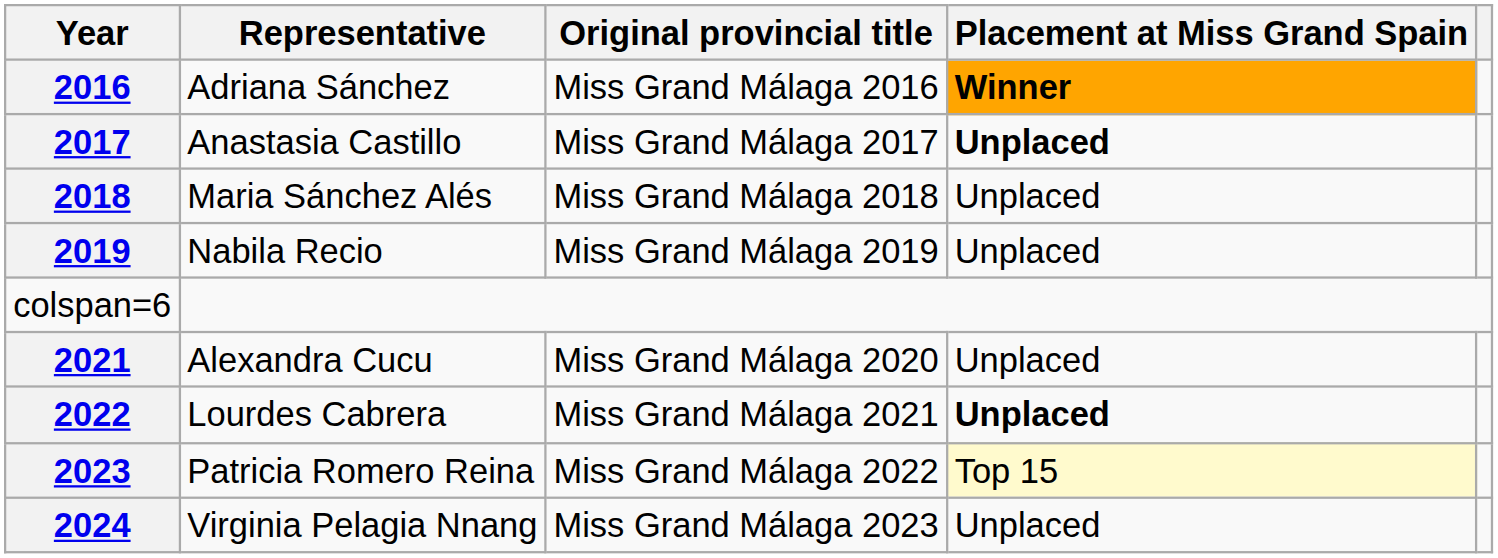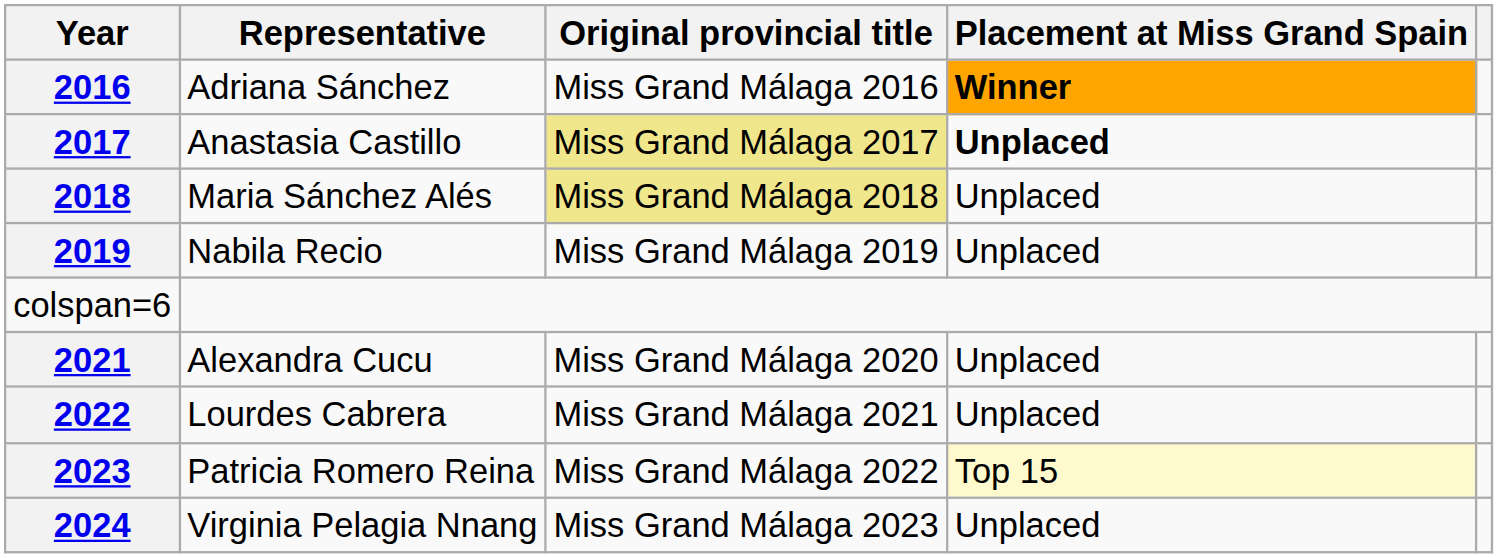 <table class="wikitable defaultcenter col2left" style="font-size:95%;">
 <tr>
 <th>Year</th>
 <th>Representative</th>
 <th>Original provincial title</th>
 <th>Placement at Miss Grand Spain</th>
 <th></th>
 </tr>
 <tr>
 <th><a href='#'>2016</a></th>
 <td>Adriana Sánchez</td>
 <td>Miss Grand Málaga 2016</td>
 <td bgcolor=orange><strong>Winner</strong></td>
 <td></td>
 </tr>
 <tr>
 <th><a href='#'>2017</a></th>
 <td>Anastasia Castillo</td>
-<td>Miss Grand Málaga 2017</td>
+<td style="background: khaki;">Miss Grand Málaga 2017</td>
 <td><strong>Unplaced</strong></td>
 <td></td>
 </tr>
 <tr>
 <th><a href='#'>2018</a></th>
 <td>Maria Sánchez Alés</td>
-<td>Miss Grand Málaga 2018</td>
+<td style="background: khaki;">Miss Grand Málaga 2018</td>
 <td>Unplaced</td>
 <td></td>
 </tr>
 <tr>
 <th><a href='#'>2019</a></th>
 <td>Nabila Recio</td>
 <td>Miss Grand Málaga 2019</td>
 <td>Unplaced</td>
 <td></td>
 </tr>
 <tr>
 <td>colspan=6 </td>
 </tr>
 <tr>
 <th><a href='#'>2021</a></th>
 <td>Alexandra Cucu</td>
 <td>Miss Grand Málaga 2020</td>
 <td>Unplaced</td>
 <td></td>
 </tr>
 <tr>
 <th><a href='#'>2022</a></th>
 <td>Lourdes Cabrera</td>
 <td>Miss Grand Málaga 2021</td>
-<td><strong>Unplaced</strong></td>
+<td>Unplaced</td>
 <td></td>
 </tr>
 <tr>
 <th><a href='#'>2023</a></th>
 <td>Patricia Romero Reina</td>
 <td>Miss Grand Málaga 2022</td>
 <td bgcolor=#FFFACD>Top 15</td>
 <td></td>
 </tr>
 <tr>
 <th><a href='#'>2024</a></th>
 <td>Virginia Pelagia Nnang</td>
 <td>Miss Grand Málaga 2023</td>
 <td>Unplaced</td>
 <td></td>
 </tr>
 </table>
